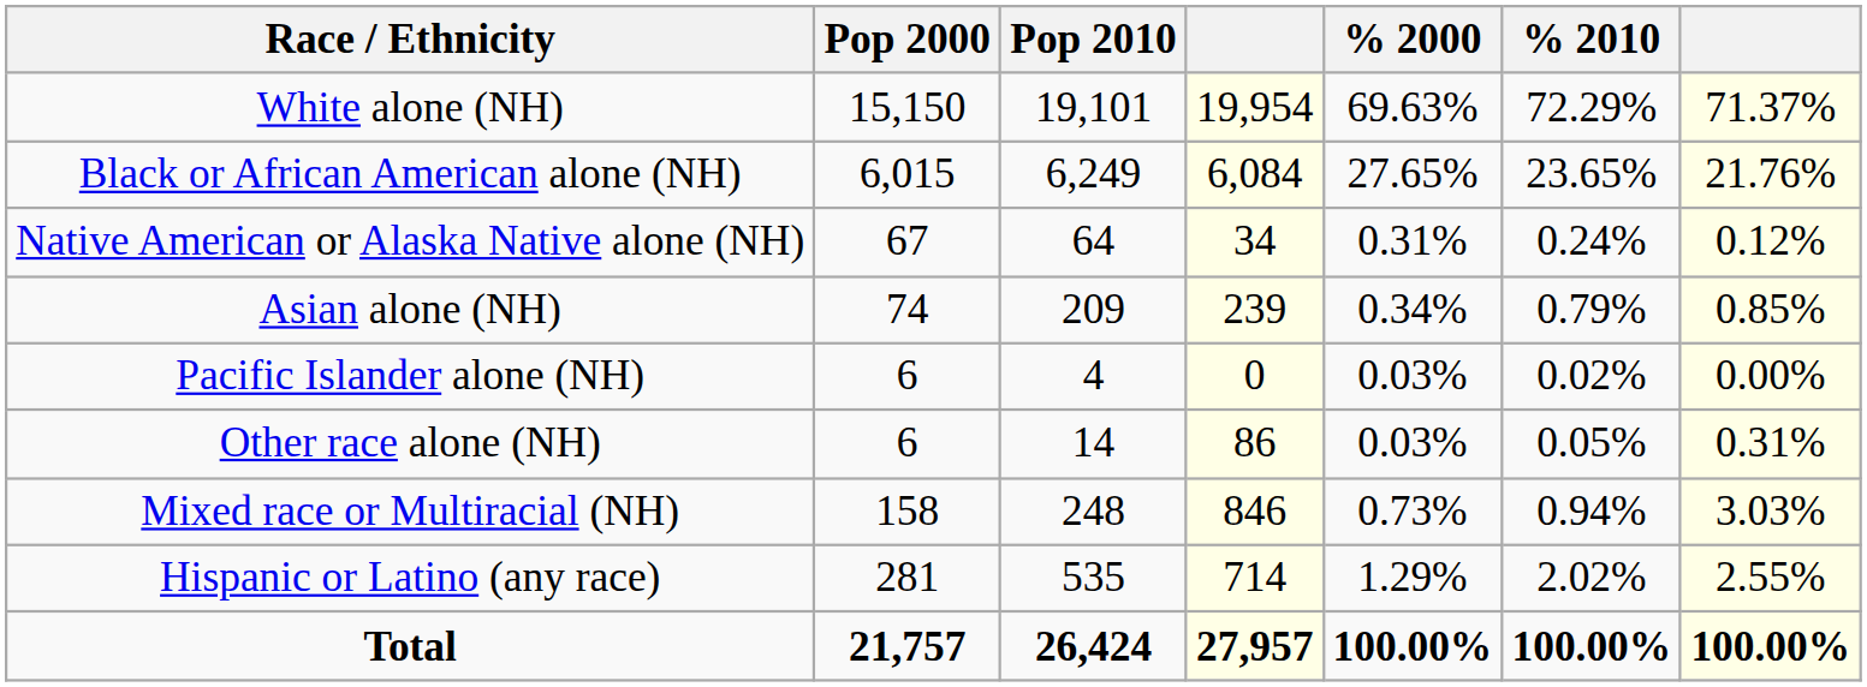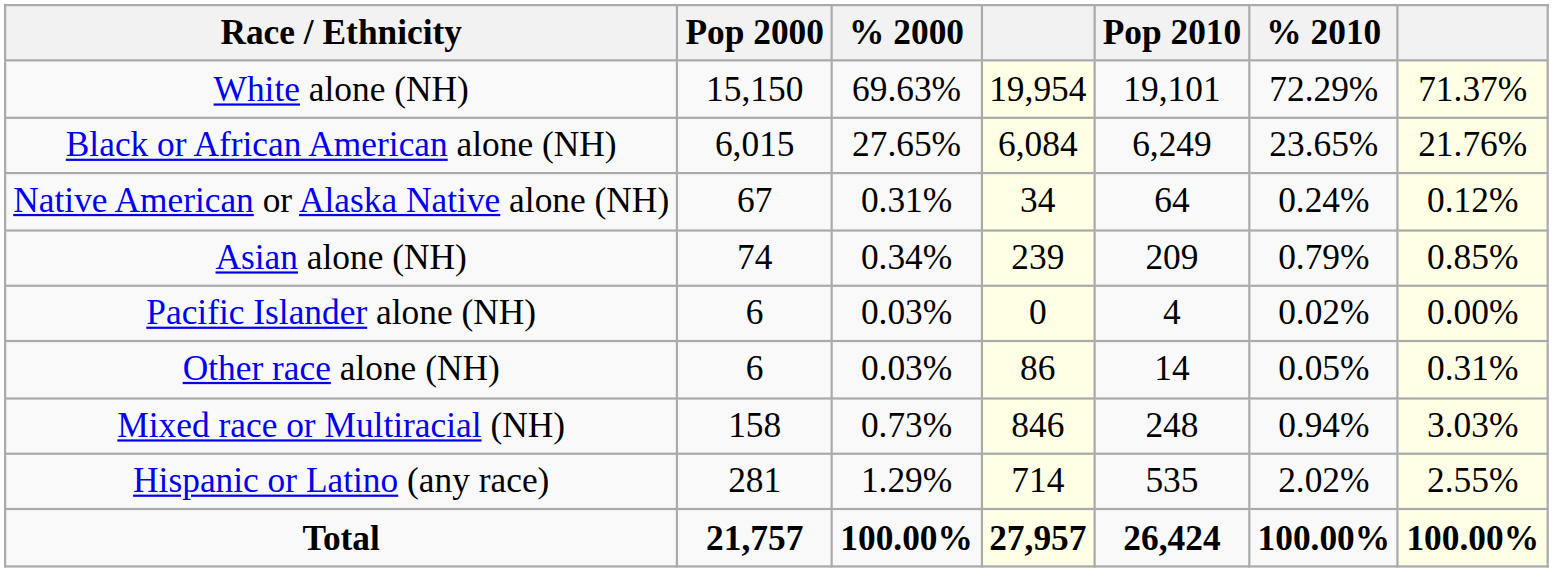 <table class="wikitable" style="text-align:center;">
 <tr>
 <th>Race / Ethnicity</th>
 <th>Pop 2000</th>
+<th>% 2000</th>
+<th></th>
 <th>Pop 2010</th>
-<th></th>
-<th>% 2000</th>
 <th>% 2010</th>
 <th></th>
 </tr>
 <tr>
 <td><a href='#'>White</a> alone (NH)</td>
 <td>15,150</td>
+<td>69.63%</td>
+<td style='background: #ffffe6;'>19,954</td>
 <td>19,101</td>
-<td style='background: #ffffe6;'>19,954</td>
-<td>69.63%</td>
 <td>72.29%</td>
 <td style='background: #ffffe6;'>71.37%</td>
 </tr>
 <tr>
 <td><a href='#'>Black or African American</a> alone (NH)</td>
 <td>6,015</td>
+<td>27.65%</td>
+<td style='background: #ffffe6;'>6,084</td>
 <td>6,249</td>
-<td style='background: #ffffe6;'>6,084</td>
-<td>27.65%</td>
 <td>23.65%</td>
 <td style='background: #ffffe6;'>21.76%</td>
 </tr>
 <tr>
 <td><a href='#'>Native American</a> or <a href='#'>Alaska Native</a> alone (NH)</td>
 <td>67</td>
+<td>0.31%</td>
+<td style='background: #ffffe6;'>34</td>
 <td>64</td>
-<td style='background: #ffffe6;'>34</td>
-<td>0.31%</td>
 <td>0.24%</td>
 <td style='background: #ffffe6;'>0.12%</td>
 </tr>
 <tr>
 <td><a href='#'>Asian</a> alone (NH)</td>
 <td>74</td>
+<td>0.34%</td>
+<td style='background: #ffffe6;'>239</td>
 <td>209</td>
-<td style='background: #ffffe6;'>239</td>
-<td>0.34%</td>
 <td>0.79%</td>
 <td style='background: #ffffe6;'>0.85%</td>
 </tr>
 <tr>
 <td><a href='#'>Pacific Islander</a> alone (NH)</td>
 <td>6</td>
+<td>0.03%</td>
+<td style='background: #ffffe6;'>0</td>
 <td>4</td>
-<td style='background: #ffffe6;'>0</td>
-<td>0.03%</td>
 <td>0.02%</td>
 <td style='background: #ffffe6;'>0.00%</td>
 </tr>
 <tr>
 <td><a href='#'>Other race</a> alone (NH)</td>
 <td>6</td>
+<td>0.03%</td>
+<td style='background: #ffffe6;'>86</td>
 <td>14</td>
-<td style='background: #ffffe6;'>86</td>
-<td>0.03%</td>
 <td>0.05%</td>
 <td style='background: #ffffe6;'>0.31%</td>
 </tr>
 <tr>
 <td><a href='#'>Mixed race or Multiracial</a> (NH)</td>
 <td>158</td>
+<td>0.73%</td>
+<td style='background: #ffffe6;'>846</td>
 <td>248</td>
-<td style='background: #ffffe6;'>846</td>
-<td>0.73%</td>
 <td>0.94%</td>
 <td style='background: #ffffe6;'>3.03%</td>
 </tr>
 <tr>
 <td><a href='#'>Hispanic or Latino</a> (any race)</td>
 <td>281</td>
+<td>1.29%</td>
+<td style='background: #ffffe6;'>714</td>
 <td>535</td>
-<td style='background: #ffffe6;'>714</td>
-<td>1.29%</td>
 <td>2.02%</td>
 <td style='background: #ffffe6;'>2.55%</td>
 </tr>
 <tr>
 <td><strong>Total</strong></td>
 <td><strong>21,757</strong></td>
+<td><strong>100.00%</strong></td>
+<td style='background: #ffffe6;'><strong>27,957</strong></td>
 <td><strong>26,424</strong></td>
-<td style='background: #ffffe6;'><strong>27,957</strong></td>
-<td><strong>100.00%</strong></td>
 <td><strong>100.00%</strong></td>
 <td style='background: #ffffe6;'><strong>100.00%</strong></td>
 </tr>
 </table>
